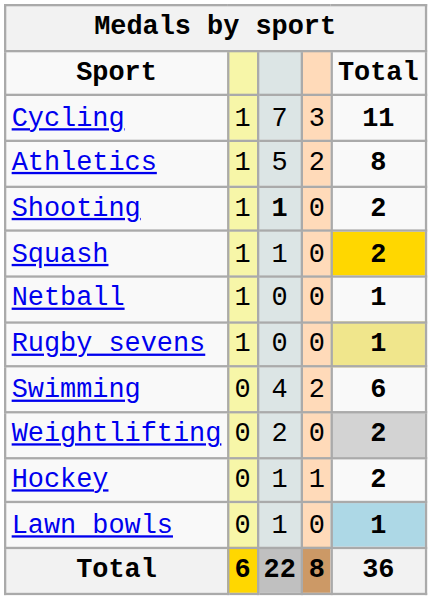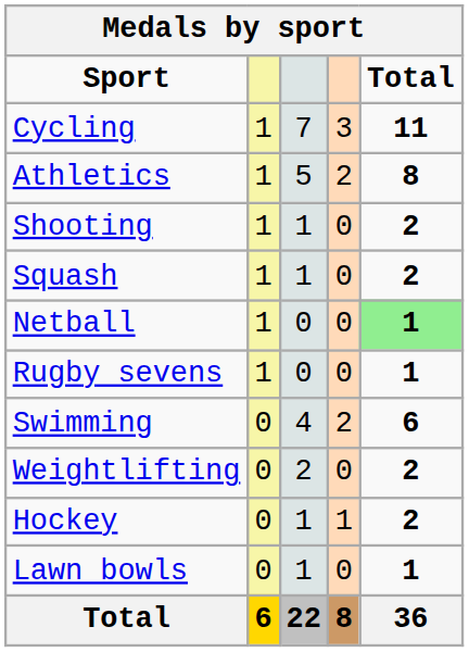 <table class="wikitable" style="text-align:center;font-size:90%">
 <tr style="background:#efefef;">
 <th colspan=5>Medals by sport</th>
 </tr>
 <tr>
 <td><strong>Sport</strong></td>
 <td bgcolor=#f7f6a8></td>
 <td bgcolor=#dce5e5></td>
 <td bgcolor=#ffdab9></td>
 <td><strong>Total</strong></td>
 </tr>
 <tr>
 <td style="text-align:left;"><a href='#'>Cycling</a></td>
 <td style="background:#F7F6A8;">1</td>
 <td style="background:#DCE5E5;">7</td>
 <td style="background:#FFDAB9;">3</td>
 <td><strong>11</strong></td>
 </tr>
 <tr>
 <td style="text-align:left;"><a href='#'>Athletics</a></td>
 <td style="background:#F7F6A8;">1</td>
 <td style="background:#DCE5E5;">5</td>
 <td style="background:#FFDAB9;">2</td>
 <td><strong>8</strong></td>
 </tr>
 <tr>
 <td style="text-align:left;"><a href='#'>Shooting</a></td>
 <td style="background:#F7F6A8;">1</td>
-<td style="background:#DCE5E5;"><strong>1</strong></td>
+<td style="background:#DCE5E5;">1</td>
 <td style="background:#FFDAB9;">0</td>
 <td><strong>2</strong></td>
 </tr>
 <tr>
 <td style="text-align:left;"><a href='#'>Squash</a></td>
 <td style="background:#F7F6A8;">1</td>
 <td style="background:#DCE5E5;">1</td>
 <td style="background:#FFDAB9;">0</td>
-<td style="background: gold;"><strong>2</strong></td>
+<td><strong>2</strong></td>
 </tr>
 <tr>
 <td style="text-align:left;"><a href='#'>Netball</a></td>
 <td style="background:#F7F6A8;">1</td>
 <td style="background:#DCE5E5;">0</td>
 <td style="background:#FFDAB9;">0</td>
-<td><strong>1</strong></td>
+<td style="background: lightgreen;"><strong>1</strong></td>
 </tr>
 <tr>
 <td style="text-align:left;"><a href='#'>Rugby sevens</a></td>
 <td style="background:#F7F6A8;">1</td>
 <td style="background:#DCE5E5;">0</td>
 <td style="background:#FFDAB9;">0</td>
-<td style="background: khaki;"><strong>1</strong></td>
+<td><strong>1</strong></td>
 </tr>
 <tr>
 <td style="text-align:left;"><a href='#'>Swimming</a></td>
 <td style="background:#F7F6A8;">0</td>
 <td style="background:#DCE5E5;">4</td>
 <td style="background:#FFDAB9;">2</td>
 <td><strong>6</strong></td>
 </tr>
 <tr>
 <td style="text-align:left;"><a href='#'>Weightlifting</a></td>
 <td style="background:#F7F6A8;">0</td>
 <td style="background:#DCE5E5;">2</td>
 <td style="background:#FFDAB9;">0</td>
-<td style="background: lightgrey;"><strong>2</strong></td>
+<td><strong>2</strong></td>
 </tr>
 <tr>
 <td style="text-align:left;"><a href='#'>Hockey</a></td>
 <td style="background:#F7F6A8;">0</td>
 <td style="background:#DCE5E5;">1</td>
 <td style="background:#FFDAB9;">1</td>
 <td><strong>2</strong></td>
 </tr>
 <tr>
 <td style="text-align:left;"><a href='#'>Lawn bowls</a></td>
 <td style="background:#F7F6A8;">0</td>
 <td style="background:#DCE5E5;">1</td>
 <td style="background:#FFDAB9;">0</td>
-<td style="background: lightblue;"><strong>1</strong></td>
+<td><strong>1</strong></td>
 </tr>
 <tr>
 <th>Total</th>
 <th style="background:gold;">6</th>
 <th style="background:silver;">22</th>
 <th style="background:#c96;">8</th>
 <th>36</th>
 </tr>
 </table>
